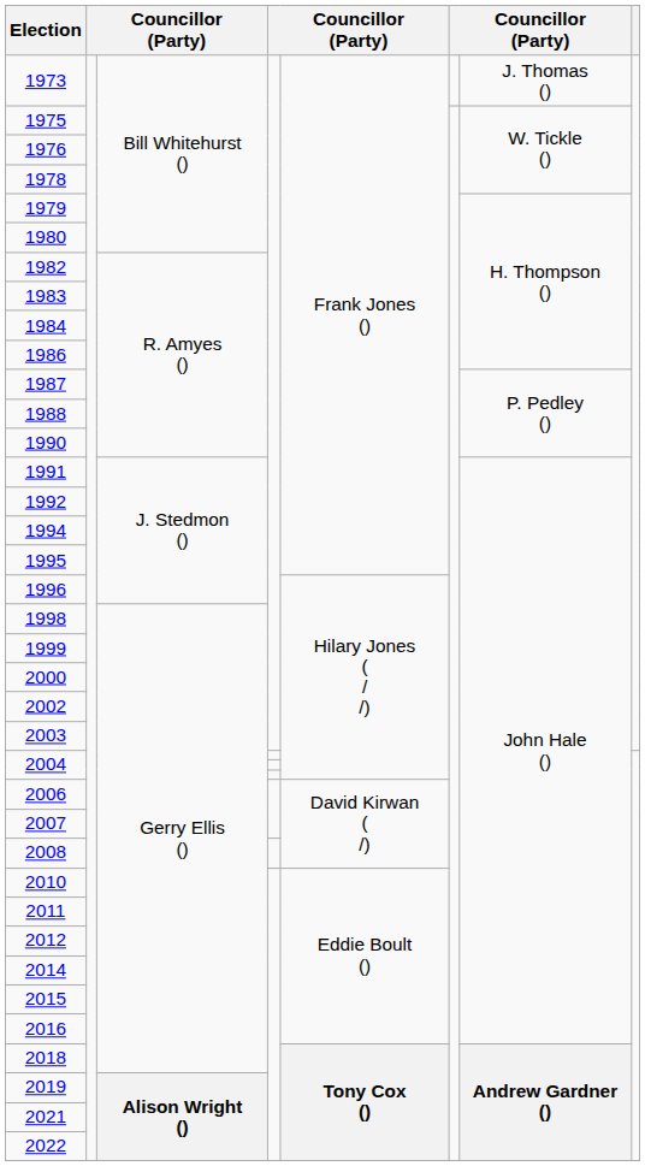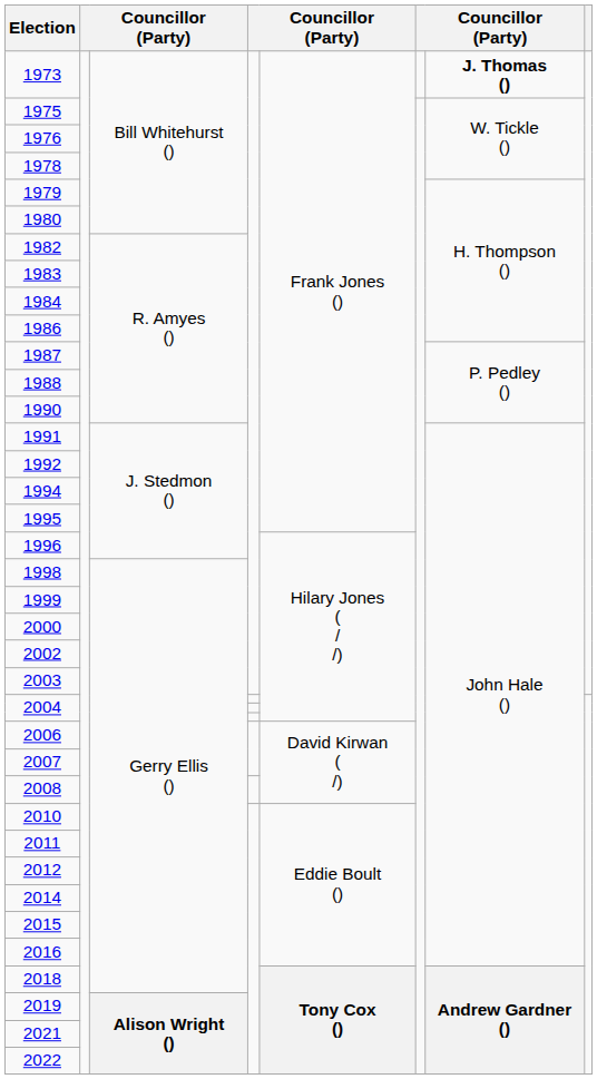 <table class="wikitable" style="text-align:center">
 <tr>
 <th>Election</th>
 <th scope="col" width="150" colspan = "2">Councillor<br> (Party)</th>
 <th scope="col" width="150" colspan = "2">Councillor<br> (Party)</th>
 <th scope="col" width="150" colspan = "2">Councillor<br> (Party)</th>
 <th></th>
 </tr>
 <tr>
 <td><a href='#'>1973</a></td>
 <td rowspan=39 style="background-color: "></td>
 <td rowspan=6>Bill Whitehurst<br>(<a href='#'></a>)</td>
 <td rowspan=23 style="background-color: "></td>
 <td rowspan=17>Frank Jones<br>(<a href='#'></a>)</td>
 <td style="background-color: "></td>
-<td>J. Thomas<br>(<a href='#'></a>)</td>
+<td><strong>J. Thomas<br>(<a href='#'></a>)</strong></td>
 <td rowspan=23></td>
 </tr>
 <tr>
 <td><a href='#'>1975</a></td>
 <td rowspan=38 style="background-color: "></td>
 <td rowspan=3>W. Tickle<br>(<a href='#'></a>)</td>
 </tr>
 <tr>
 <td><a href='#'>1976</a></td>
 </tr>
 <tr>
 <td><a href='#'>1978</a></td>
 </tr>
 <tr>
 <td><a href='#'>1979</a></td>
 <td rowspan=6>H. Thompson<br>(<a href='#'></a>)</td>
 </tr>
 <tr>
 <td><a href='#'>1980</a></td>
 </tr>
 <tr>
 <td><a href='#'>1982</a></td>
 <td rowspan=7>R. Amyes<br>(<a href='#'></a>)</td>
 </tr>
 <tr>
 <td><a href='#'>1983</a></td>
 </tr>
 <tr>
 <td><a href='#'>1984</a></td>
 </tr>
 <tr>
 <td><a href='#'>1986</a></td>
 </tr>
 <tr>
 <td><a href='#'>1987</a></td>
 <td rowspan=3>P. Pedley<br>(<a href='#'></a>)</td>
 </tr>
 <tr>
 <td><a href='#'>1988</a></td>
 </tr>
 <tr>
 <td><a href='#'>1990</a></td>
 </tr>
 <tr>
 <td><a href='#'>1991</a></td>
 <td rowspan=5>J. Stedmon<br>(<a href='#'></a>)</td>
 <td rowspan=22>John Hale<br>(<a href='#'></a>)</td>
 </tr>
 <tr>
 <td><a href='#'>1992</a></td>
 </tr>
 <tr>
 <td><a href='#'>1994</a></td>
 </tr>
 <tr>
 <td><a href='#'>1995</a></td>
 </tr>
 <tr>
 <td><a href='#'>1996</a></td>
 <td rowspan=9>Hilary Jones<br>(<a href='#'></a><br>/<a href='#'></a><br>/<a href='#'></a>)</td>
 </tr>
 <tr>
 <td><a href='#'>1998</a></td>
 <td rowspan=18>Gerry Ellis<br>(<a href='#'></a>)</td>
 </tr>
 <tr>
 <td><a href='#'>1999</a></td>
 </tr>
 <tr>
 <td><a href='#'>2000</a></td>
 </tr>
 <tr>
 <td><a href='#'>2002</a></td>
 </tr>
 <tr>
 <td><a href='#'>2003</a></td>
 </tr>
 <tr>
 <td rowspan=3><a href='#'>2004</a></td>
 <td style="background-color: "></td>
 <td rowspan=16></td>
 </tr>
 <tr>
 <td style="background-color: "></td>
 </tr>
 <tr>
 <td style="background-color: "></td>
 </tr>
 <tr>
 <td><a href='#'>2006</a></td>
 <td rowspan=2 style="background-color: "></td>
 <td rowspan=3>David Kirwan<br>(<a href='#'></a><br>/<a href='#'></a>)</td>
 </tr>
 <tr>
 <td><a href='#'>2007</a></td>
 </tr>
 <tr>
 <td><a href='#'>2008</a></td>
 <td style="background-color: "></td>
 </tr>
 <tr>
 <td><a href='#'>2010</a></td>
 <td rowspan=10 style="background-color: "></td>
 <td rowspan=6>Eddie Boult<br>(<a href='#'></a>)</td>
 </tr>
 <tr>
 <td><a href='#'>2011</a></td>
 </tr>
 <tr>
 <td><a href='#'>2012</a></td>
 </tr>
 <tr>
 <td><a href='#'>2014</a></td>
 </tr>
 <tr>
 <td><a href='#'>2015</a></td>
 </tr>
 <tr>
 <td><a href='#'>2016</a></td>
 </tr>
 <tr>
 <td><a href='#'>2018</a></td>
 <th rowspan=4>Tony Cox<br>(<a href='#'></a>)</th>
 <th rowspan=4>Andrew Gardner<br>(<a href='#'></a>)</th>
 </tr>
 <tr>
 <td><a href='#'>2019</a></td>
 <th rowspan=3>Alison Wright<br>(<a href='#'></a>)</th>
 </tr>
 <tr>
 <td><a href='#'>2021</a></td>
 </tr>
 <tr>
 <td><a href='#'>2022</a></td>
 </tr>
 <tr>
 </tr>
 </table>
